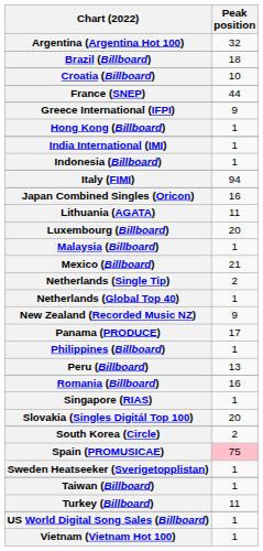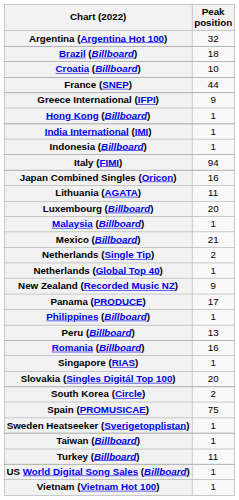 <table class="wikitable sortable plainrowheaders" style="text-align:center">
 <tr>
 <th scope="col">Chart (2022)</th>
 <th scope="col">Peak<br>position</th>
 </tr>
 <tr>
 <th scope="row">Argentina (<a href='#'>Argentina Hot 100</a>)</th>
 <td>32</td>
 </tr>
 <tr>
 </tr>
 <tr>
 </tr>
 <tr>
 <th scope="row"><a href='#'>Brazil</a> (<em><a href='#'>Billboard</a></em>)</th>
 <td>18</td>
 </tr>
 <tr>
 </tr>
 <tr>
 <th scope="row"><a href='#'>Croatia</a> (<em><a href='#'>Billboard</a></em>)</th>
 <td>10</td>
 </tr>
 <tr>
 </tr>
 <tr>
 </tr>
 <tr>
 <th scope="row">France (<a href='#'>SNEP</a>)</th>
 <td>44</td>
 </tr>
 <tr>
 </tr>
 <tr>
 </tr>
 <tr>
 <th scope="row">Greece International (<a href='#'>IFPI</a>)</th>
 <td>9</td>
 </tr>
 <tr>
 <th scope="row"><a href='#'>Hong Kong</a> (<em><a href='#'>Billboard</a></em>)</th>
 <td>1</td>
 </tr>
 <tr>
 </tr>
 <tr>
 <th scope="row"><a href='#'>India International</a> (<a href='#'>IMI</a>)</th>
 <td>1</td>
 </tr>
 <tr>
 <th scope="row">Indonesia (<em><a href='#'>Billboard</a></em>)</th>
 <td>1</td>
 </tr>
 <tr>
 </tr>
 <tr>
 <th scope="row">Italy (<a href='#'>FIMI</a>)</th>
 <td>94</td>
 </tr>
 <tr>
 </tr>
 <tr>
 <th scope="row">Japan Combined Singles (<a href='#'>Oricon</a>)</th>
 <td>16</td>
 </tr>
 <tr>
 <th scope="row">Lithuania (<a href='#'>AGATA</a>)</th>
 <td>11</td>
 </tr>
 <tr>
 <th scope="row">Luxembourg (<em><a href='#'>Billboard</a></em>)</th>
 <td>20</td>
 </tr>
 <tr>
 <th scope="row"><a href='#'>Malaysia</a> (<em><a href='#'>Billboard</a></em>)</th>
 <td>1</td>
 </tr>
 <tr>
 <th scope="row">Mexico (<em><a href='#'>Billboard</a></em>)</th>
 <td>21</td>
 </tr>
 <tr>
 <th scope="row">Netherlands (<a href='#'>Single Tip</a>)</th>
 <td>2</td>
 </tr>
 <tr>
 <th scope="row">Netherlands (<a href='#'>Global Top 40</a>)</th>
 <td>1</td>
 </tr>
 <tr>
 <th scope="row">New Zealand (<a href='#'>Recorded Music NZ</a>)</th>
 <td>9</td>
 </tr>
 <tr>
 <th scope="row">Panama (<a href='#'>PRODUCE</a>)</th>
 <td>17</td>
 </tr>
 <tr>
 <th scope="row"><a href='#'>Philippines</a> (<em><a href='#'>Billboard</a></em>)</th>
 <td>1</td>
 </tr>
 <tr>
 <th scope="row">Peru (<em><a href='#'>Billboard</a></em>)</th>
 <td>13</td>
 </tr>
 <tr>
 </tr>
 <tr>
 <th scope="row"><a href='#'>Romania</a> (<em><a href='#'>Billboard</a></em>)</th>
 <td>16</td>
 </tr>
 <tr>
 <th scope="row">Singapore (<a href='#'>RIAS</a>)</th>
 <td>1</td>
 </tr>
 <tr>
 <th scope="row">Slovakia (<a href='#'>Singles Digitál Top 100</a>)</th>
 <td>20</td>
 </tr>
 <tr>
 </tr>
 <tr>
 <th scope="row">South Korea (<a href='#'>Circle</a>)</th>
 <td>2</td>
 </tr>
 <tr>
 <th scope="row">Spain (<a href='#'>PROMUSICAE</a>)</th>
-<td style="background: pink;">75</td>
+<td>75</td>
 </tr>
 <tr>
 <th scope="row">Sweden Heatseeker (<a href='#'>Sverigetopplistan</a>)</th>
 <td>1</td>
 </tr>
 <tr>
 </tr>
 <tr>
 <th scope="row">Taiwan (<em><a href='#'>Billboard</a></em>)</th>
 <td>1</td>
 </tr>
 <tr>
 <th scope="row">Turkey (<em><a href='#'>Billboard</a></em>)</th>
 <td>11</td>
 </tr>
 <tr>
 </tr>
 <tr>
 </tr>
 <tr>
 </tr>
 <tr>
 <th scope="row">US <a href='#'>World Digital Song Sales</a> (<em><a href='#'>Billboard</a></em>)</th>
 <td>1</td>
 </tr>
 <tr>
 <th scope="row">Vietnam (<a href='#'>Vietnam Hot 100</a>)</th>
 <td>1</td>
 </tr>
 </table>
